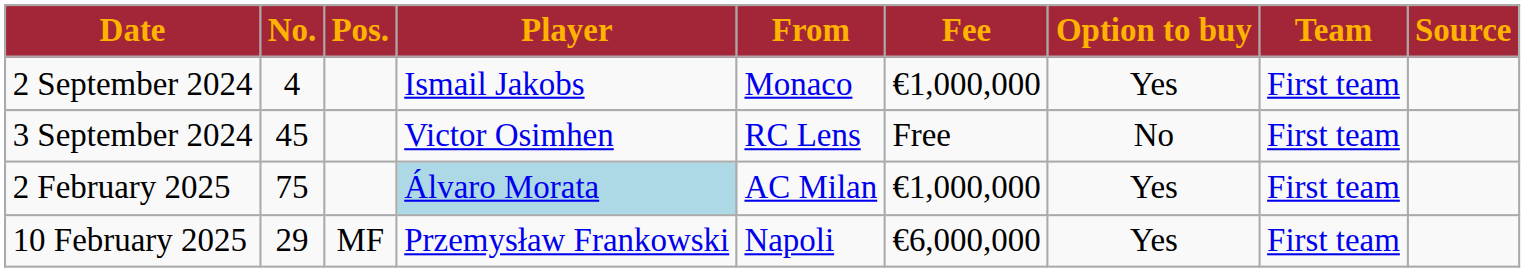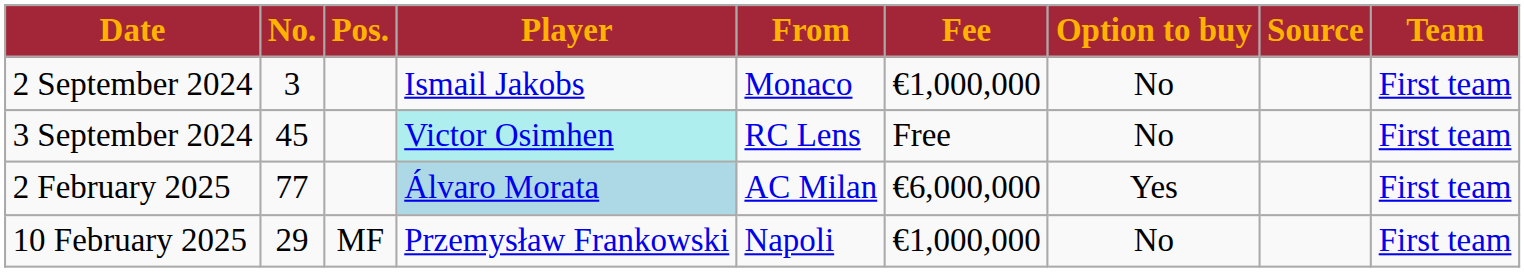 <table class="wikitable plainrowheaders sortable">
 <tr>
 <th style="background:#A32638; color:#FFB300; ">Date</th>
 <th style="background:#A32638; color:#FFB300; ">No.</th>
 <th style="background:#A32638; color:#FFB300; ">Pos.</th>
 <th style="background:#A32638; color:#FFB300; ">Player</th>
 <th style="background:#A32638; color:#FFB300; ">From</th>
 <th style="background:#A32638; color:#FFB300; ">Fee</th>
 <th style="background:#A32638; color:#FFB300; ">Option to buy</th>
+<th style="background:#A32638; color:#FFB300; ">Source</th>
 <th style="background:#A32638; color:#FFB300; ">Team</th>
-<th style="background:#A32638; color:#FFB300; ">Source</th>
 </tr>
 <tr>
 <td>2 September 2024</td>
-<td align=center>4</td>
+<td align=center>3</td>
 <td align=center></td>
 <td align=left> <a href='#'>Ismail Jakobs</a></td>
 <td align=left> <a href='#'>Monaco</a></td>
 <td>€1,000,000</td>
-<td align=center>Yes</td>
+<td align=center>No</td>
+<td></td>
 <td><a href='#'>First team</a></td>
-<td></td>
 </tr>
 <tr>
 <td>3 September 2024</td>
 <td align=center>45</td>
 <td align=center></td>
-<td align=left> <a href='#'>Victor Osimhen</a></td>
+<td align=left style="background: paleturquoise;"> <a href='#'>Victor Osimhen</a></td>
 <td align=left> <a href='#'>RC Lens</a></td>
 <td>Free</td>
 <td align=center>No</td>
+<td></td>
 <td><a href='#'>First team</a></td>
-<td></td>
 </tr>
 <tr>
 <td>2 February 2025</td>
-<td align=center>75</td>
+<td align=center>77</td>
 <td align=center></td>
 <td align=left style="background: lightblue;"> <a href='#'>Álvaro Morata</a></td>
 <td align=left> <a href='#'>AC Milan</a></td>
-<td>€1,000,000</td>
+<td>€6,000,000</td>
 <td align=center>Yes</td>
+<td></td>
 <td><a href='#'>First team</a></td>
-<td></td>
 </tr>
 <tr>
 <td>10 February 2025</td>
 <td align=center>29</td>
 <td align=center>MF</td>
 <td align=left> <a href='#'>Przemysław Frankowski</a></td>
 <td align=left> <a href='#'>Napoli</a></td>
-<td>€6,000,000</td>
-<td align=center>Yes</td>
+<td>€1,000,000</td>
+<td align=center>No</td>
+<td></td>
 <td><a href='#'>First team</a></td>
-<td></td>
 </tr>
 </table>
